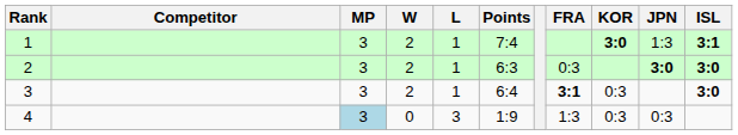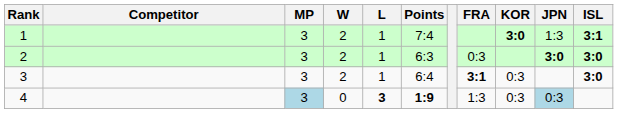 <table class="wikitable" style="text-align:center">
 <tr>
 <th>Rank</th>
 <th style="width:18em">Competitor</th>
 <th style="width:2.5em">MP</th>
 <th style="width:2.5em">W</th>
 <th style="width:2.5em">L</th>
 <th>Points</th>
 <th rowspan="5"> </th>
 <th style="width:2.5em">FRA</th>
 <th style="width:2.5em">KOR</th>
 <th style="width:2.5em">JPN</th>
 <th style="width:2.5em">ISL</th>
 </tr>
 <tr style="background:#cfc;">
 <td>1</td>
 <td style="text-align:left"></td>
 <td>3</td>
 <td>2</td>
 <td>1</td>
 <td>7:4</td>
 <td></td>
 <td><strong>3:0</strong></td>
 <td>1:3</td>
 <td><strong>3:1</strong></td>
 </tr>
 <tr style="background:#cfc;">
 <td>2</td>
 <td style="text-align:left"></td>
 <td>3</td>
 <td>2</td>
 <td>1</td>
 <td>6:3</td>
 <td>0:3</td>
 <td></td>
 <td><strong>3:0</strong></td>
 <td><strong>3:0</strong></td>
 </tr>
 <tr>
 <td>3</td>
 <td style="text-align:left"></td>
 <td>3</td>
 <td>2</td>
 <td>1</td>
 <td>6:4</td>
 <td><strong>3:1</strong></td>
 <td>0:3</td>
 <td></td>
 <td><strong>3:0</strong></td>
 </tr>
 <tr>
 <td>4</td>
 <td style="text-align:left"></td>
 <td style="background: lightblue;">3</td>
 <td>0</td>
-<td>3</td>
-<td>1:9</td>
+<td><strong>3</strong></td>
+<td><strong>1:9</strong></td>
 <td>1:3</td>
 <td>0:3</td>
-<td>0:3</td>
+<td style="background: lightblue;">0:3</td>
 <td></td>
 </tr>
 </table>
